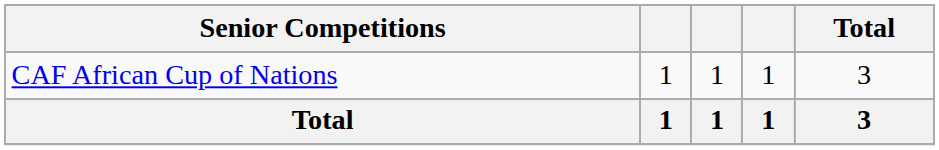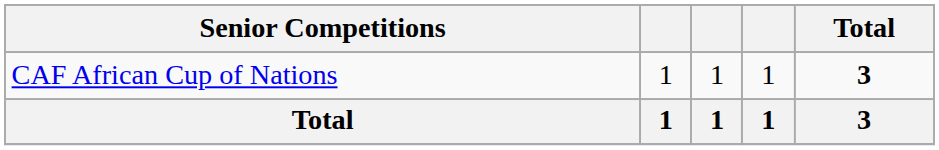 <table class="wikitable" style="width:30%; font-size:90%; text-align:center">
 <tr>
 <th>Senior Competitions</th>
 <th></th>
 <th></th>
 <th></th>
 <th>Total</th>
 </tr>
 <tr>
 <td align=left><a href='#'>CAF African Cup of Nations</a></td>
 <td>1</td>
 <td>1</td>
 <td>1</td>
-<td>3</td>
+<td><strong>3</strong></td>
 </tr>
 <tr>
 <th>Total</th>
 <th>1</th>
 <th>1</th>
 <th>1</th>
 <th>3</th>
 </tr>
 <tr>
 </tr>
 </table>
